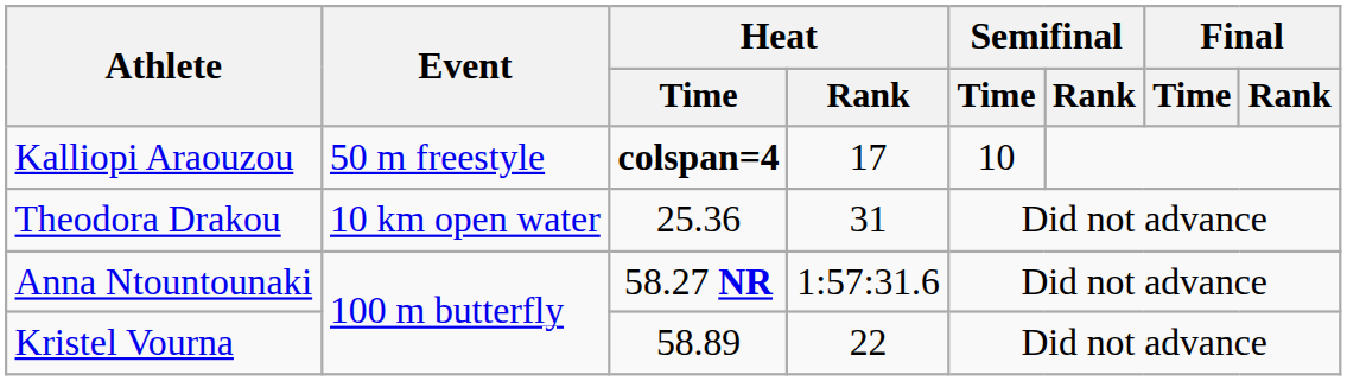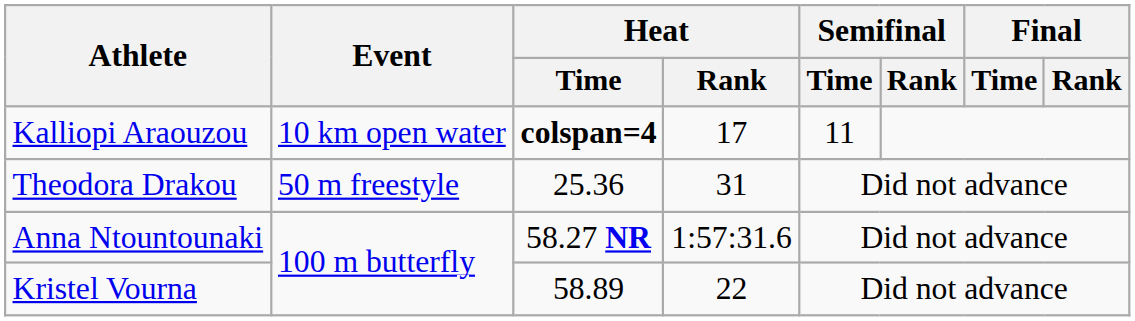 <table class=wikitable style="font-size:90%">
 <tr>
 <th rowspan="2">Athlete</th>
 <th rowspan="2">Event</th>
 <th colspan="2">Heat</th>
 <th colspan="2">Semifinal</th>
 <th colspan="2">Final</th>
 </tr>
 <tr style="font-size:95%">
 <th>Time</th>
 <th>Rank</th>
 <th>Time</th>
 <th>Rank</th>
 <th>Time</th>
 <th>Rank</th>
 </tr>
 <tr align=center>
 <td align=left><a href='#'>Kalliopi Araouzou</a></td>
-<td align=left><a href='#'>50 m freestyle</a></td>
+<td align=left><a href='#'>10 km open water</a></td>
 <td><strong>colspan=4 </strong></td>
 <td>17</td>
-<td>10</td>
+<td>11</td>
 </tr>
 <tr align=center>
 <td align=left><a href='#'>Theodora Drakou</a></td>
-<td align=left><a href='#'>10 km open water</a></td>
+<td align=left><a href='#'>50 m freestyle</a></td>
 <td>25.36</td>
 <td>31</td>
 <td colspan=4>Did not advance</td>
 </tr>
 <tr align="center">
 <td align=left><a href='#'>Anna Ntountounaki</a></td>
 <td align=left rowspan=2><a href='#'>100 m butterfly</a></td>
 <td>58.27 <strong><a href='#'>NR</a></strong></td>
 <td>1:57:31.6</td>
 <td colspan=4>Did not advance</td>
 </tr>
 <tr align="center">
 <td align=left><a href='#'>Kristel Vourna</a></td>
 <td>58.89</td>
 <td>22</td>
 <td colspan=4>Did not advance</td>
 </tr>
 </table>
